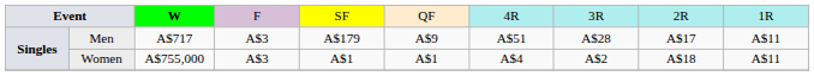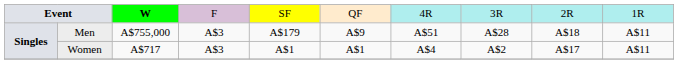 <table class=wikitable style=font-size:90%;text-align:center>
 <tr>
 <td width=200 colspan=2 bgcolor=#dfe2e9><strong>Event</strong></td>
 <td width=80 bgcolor=lime><strong>W</strong></td>
 <td width=85 bgcolor=#D8BFD8>F</td>
 <td width=85 bgcolor=#FFFF00>SF</td>
 <td width=85 bgcolor=#ffebcd>QF</td>
 <td width=85 bgcolor=#afeeee>4R</td>
 <td width=85 bgcolor=#afeeee>3R</td>
 <td width=85 bgcolor=#afeeee>2R</td>
 <td width=85 bgcolor=#afeeee>1R</td>
 </tr>
 <tr>
 <td rowspan=2 bgcolor=#dfe2e9><strong>Singles</strong></td>
 <td bgcolor=#EDEDED>Men</td>
-<td>A$717</td>
+<td>A$755,000</td>
 <td>A$3</td>
 <td>A$179</td>
 <td>A$9</td>
 <td>A$51</td>
 <td>A$28</td>
-<td>A$17</td>
+<td>A$18</td>
 <td>A$11</td>
 </tr>
 <tr>
 <td bgcolor=#EDEDED>Women</td>
-<td>A$755,000</td>
+<td>A$717</td>
 <td>A$3</td>
 <td>A$1</td>
 <td>A$1</td>
 <td>A$4</td>
 <td>A$2</td>
-<td>A$18</td>
+<td>A$17</td>
 <td>A$11</td>
 </tr>
 <tr>
 </tr>
 </table>
